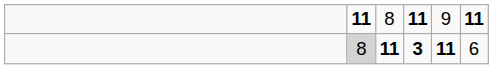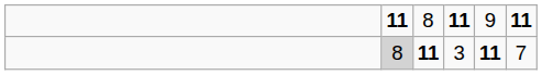 <table class="wikitable">
 <tr>
 <td style="width:18em"><strong></strong></td>
 <td align=center style="width:1em"><strong>11</strong></td>
 <td align=center style="width:1em">8</td>
 <td align=center style="width:1em"><strong>11</strong></td>
 <td align=center style="width:1em">9</td>
 <td align=center style="width:1em"><strong>11</strong></td>
 </tr>
 <tr>
 <td style="width:18em"></td>
 <td align=center style="background: lightgrey; width:1em">8</td>
 <td align=center style="width:1em"><strong>11</strong></td>
-<td align=center style="width:1em"><strong>3</strong></td>
+<td align=center style="width:1em">3</td>
 <td align=center style="width:1em"><strong>11</strong></td>
-<td align=center style="width:1em">6</td>
+<td align=center style="width:1em">7</td>
 </tr>
 </table>
